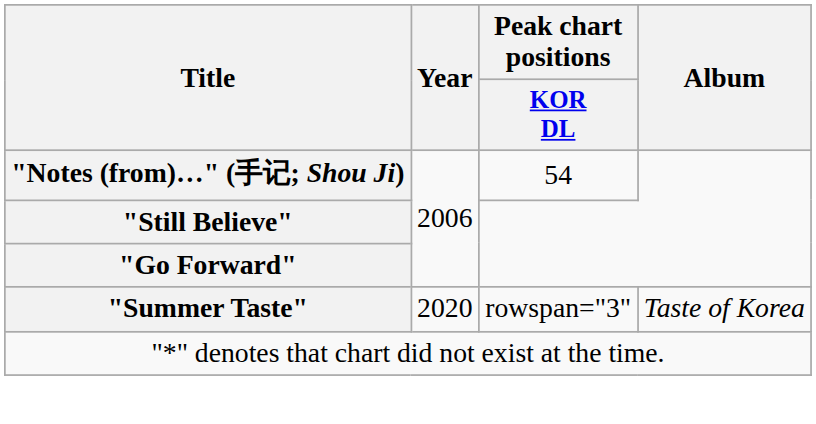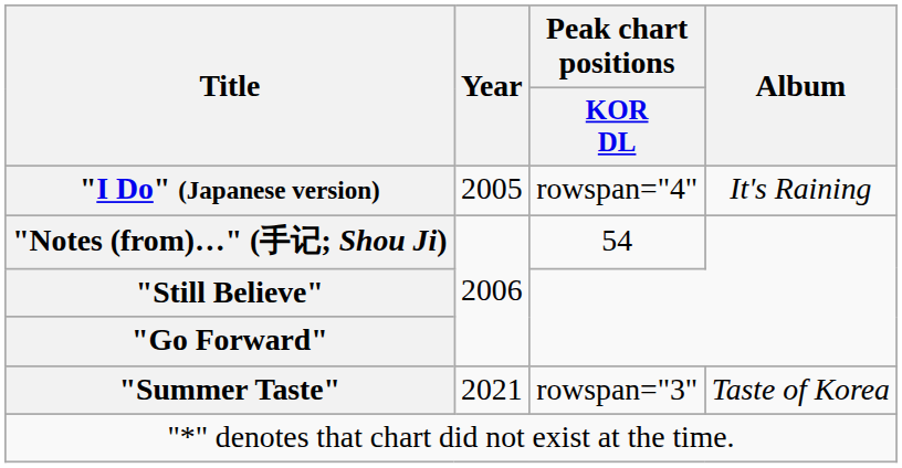 <table class="wikitable plainrowheaders" style="text-align:center">
 <tr>
 <th rowspan="2" scope="col">Title</th>
 <th rowspan="2" scope="col">Year</th>
 <th scope="col">Peak chart positions</th>
 <th rowspan="2" scope="col">Album</th>
 </tr>
 <tr>
 <th scope="col" style="width:3em;font-size:90%;"><a href='#'>KOR<br>DL</a><br></th>
+</tr>
+<tr>
+<th scope="row">"<a href='#'>I Do</a>" <small>(Japanese version)</small></th>
+<td>2005</td>
+<td>rowspan="4" </td>
+<td><em>It's Raining</em></td>
 </tr>
 <tr>
 <th scope="row">"Notes (from)…" (手记; <em>Shou Ji</em>)</th>
 <td rowspan="3">2006</td>
 <td>54</td>
 </tr>
 <tr>
 <th scope="row">"Still Believe"</th>
 </tr>
 <tr>
 <th scope="row">"Go Forward"</th>
 </tr>
 <tr>
 <th scope="row">"Summer Taste"</th>
-<td>2020</td>
+<td>2021</td>
 <td>rowspan="3" </td>
 <td><em>Taste of Korea</em></td>
 </tr>
 <tr>
 <td colspan="4">"*" denotes that chart did not exist at the time.</td>
 </tr>
 </table>
